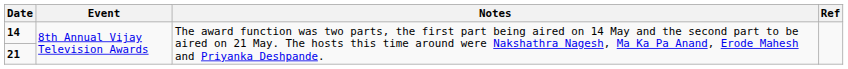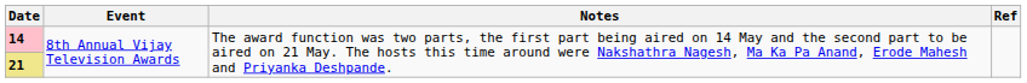 <table class="wikitable" width="80%">
 <tr>
 <th>Date</th>
 <th>Event</th>
 <th>Notes</th>
 <th>Ref</th>
 </tr>
 <tr>
-<td><strong>14</strong></td>
+<td style="background: pink;"><strong>14</strong></td>
 <td rowspan="2"><a href='#'>8th Annual Vijay Television Awards</a></td>
 <td rowspan="2">The award function was two parts, the first part being aired on 14 May and the second part to be aired on 21 May. The hosts this time around were <a href='#'>Nakshathra Nagesh</a>, <a href='#'>Ma Ka Pa Anand</a>, <a href='#'>Erode Mahesh</a> and <a href='#'>Priyanka Deshpande</a>.</td>
 <td rowspan="2"></td>
 </tr>
 <tr>
-<td><strong>21</strong></td>
+<td style="background: khaki;"><strong>21</strong></td>
 </tr>
 </table>
